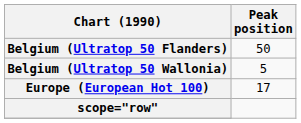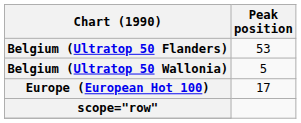 <table class="wikitable sortable plainrowheaders">
 <tr>
 <th>Chart (1990)</th>
 <th>Peak<br>position</th>
 </tr>
 <tr>
 <th scope="row">Belgium (<a href='#'>Ultratop 50</a> Flanders)</th>
-<td align="center">50</td>
+<td align="center">53</td>
 </tr>
 <tr>
 <th scope="row">Belgium (<a href='#'>Ultratop 50</a> Wallonia)</th>
 <td align="center">5</td>
 </tr>
 <tr>
 <th scope="row">Europe (<a href='#'>European Hot 100</a>)</th>
 <td align="center">17</td>
 </tr>
 <tr>
 <th>scope="row"</th>
 </tr>
 <tr>
 </tr>
 </table>
